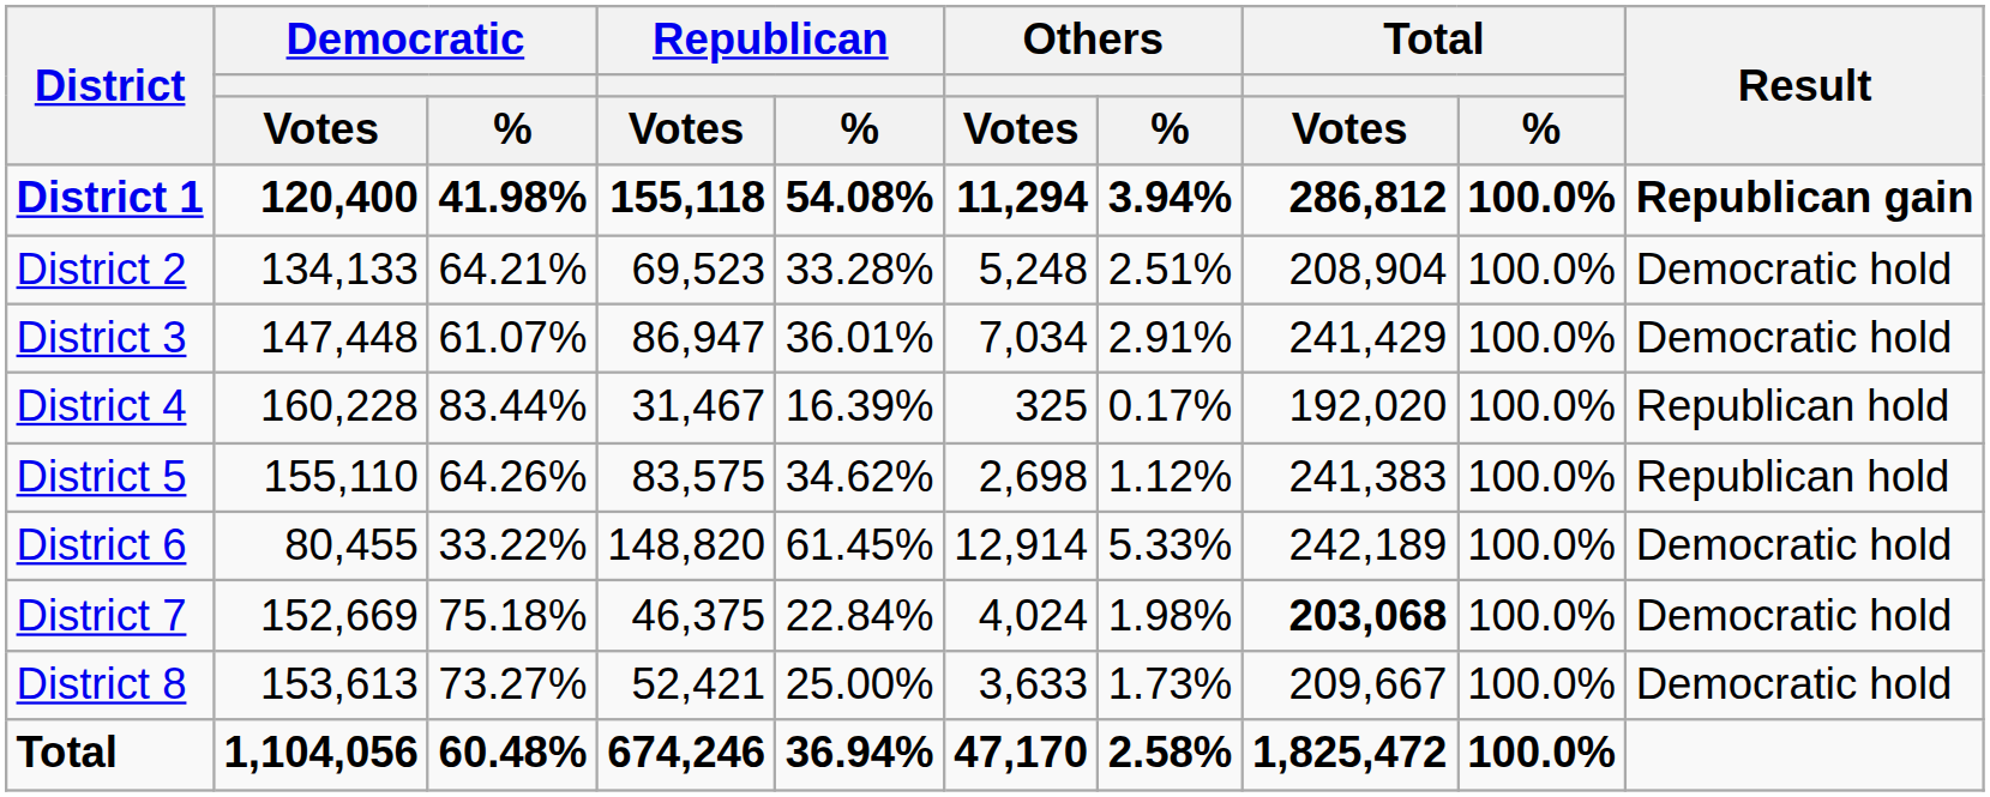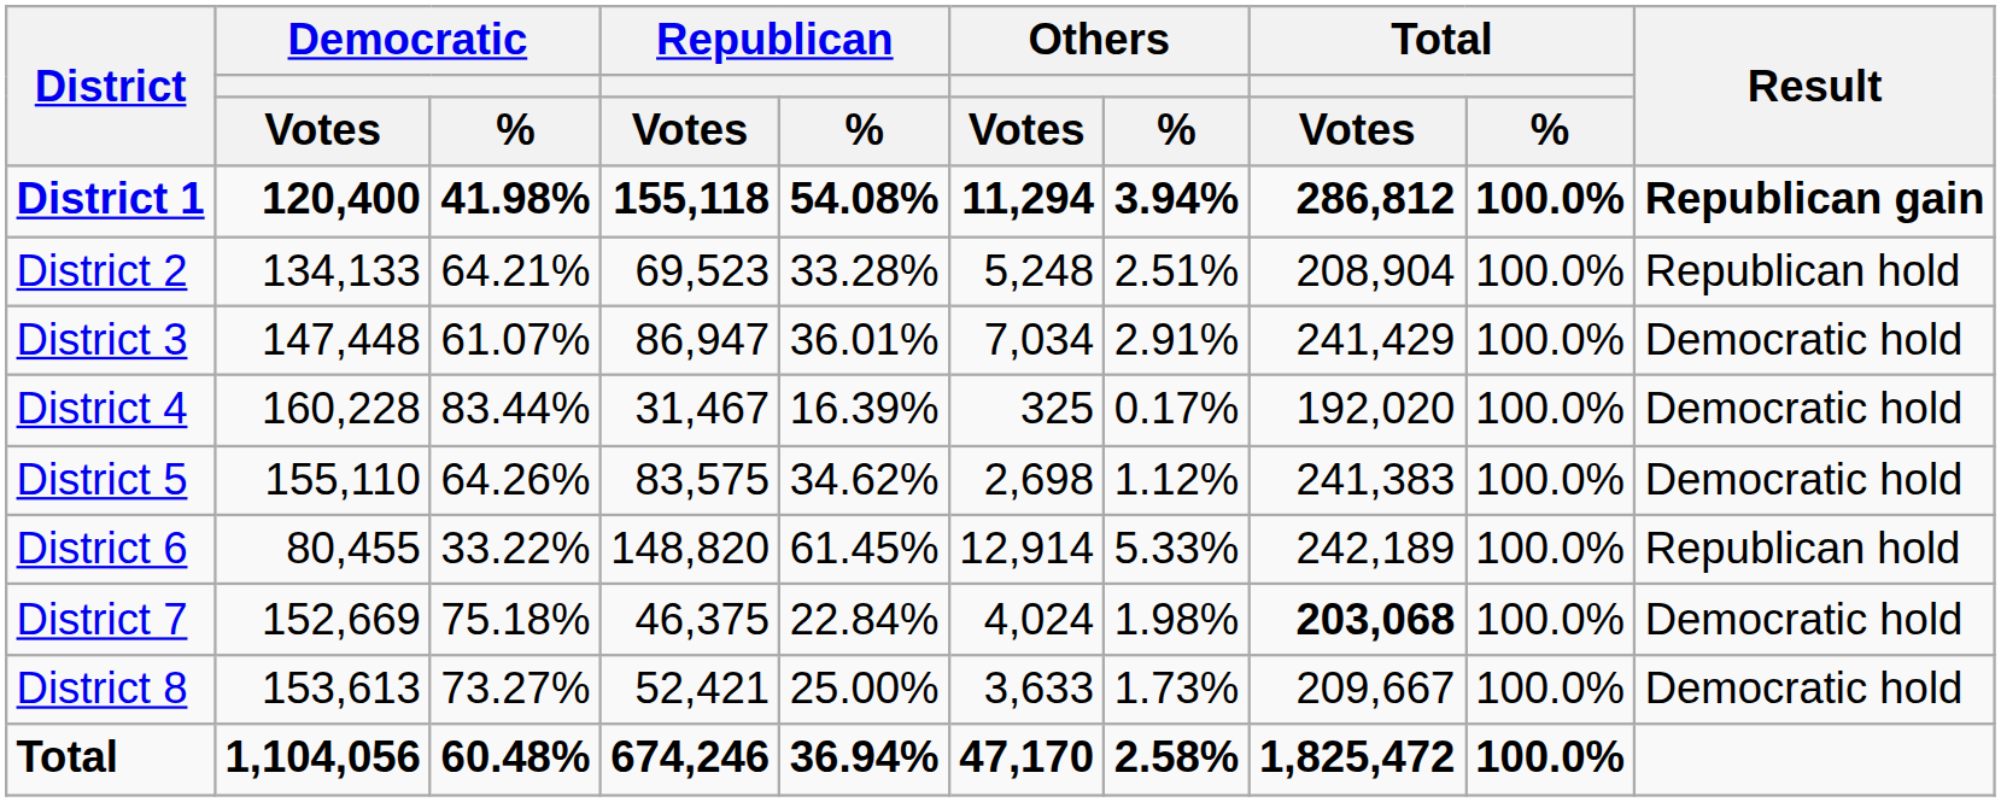 <table class="wikitable plainrowheaders sortable" style="font-size:100%; text-align:right;">
 <tr>
 <th scope=col rowspan=3><a href='#'>District</a></th>
 <th scope=col colspan=2><a href='#'>Democratic</a></th>
 <th scope=col colspan=2><a href='#'>Republican</a></th>
 <th scope=col colspan=2>Others</th>
 <th scope=col colspan=2>Total</th>
 <th scope=col rowspan=3>Result</th>
 </tr>
 <tr>
 <th scope=col colspan=2 style="background:"></th>
 <th scope=col colspan=2 style="background:"></th>
 <th scope=col colspan=2></th>
 <th scope=col colspan=2></th>
 </tr>
 <tr>
 <th scope=col data-sort-type="number">Votes</th>
 <th scope=col data-sort-type="number">%</th>
 <th scope=col data-sort-type="number">Votes</th>
 <th scope=col data-sort-type="number">%</th>
 <th scope=col data-sort-type="number">Votes</th>
 <th scope=col data-sort-type="number">%</th>
 <th scope=col data-sort-type="number">Votes</th>
 <th scope=col data-sort-type="number">%</th>
 </tr>
 <tr>
 <td align=left><strong><a href='#'>District 1</a></strong></td>
 <td><strong>120,400</strong></td>
 <td><strong>41.98%</strong></td>
 <td><strong>155,118</strong></td>
 <td><strong>54.08%</strong></td>
 <td><strong>11,294</strong></td>
 <td><strong>3.94%</strong></td>
 <td><strong>286,812</strong></td>
 <td><strong>100.0%</strong></td>
 <td align=left><strong>Republican gain</strong></td>
 </tr>
 <tr>
 <td align=left><a href='#'>District 2</a></td>
 <td>134,133</td>
 <td>64.21%</td>
 <td>69,523</td>
 <td>33.28%</td>
 <td>5,248</td>
 <td>2.51%</td>
 <td>208,904</td>
 <td>100.0%</td>
-<td align=left>Democratic hold</td>
+<td align=left>Republican hold</td>
 </tr>
 <tr>
 <td align=left><a href='#'>District 3</a></td>
 <td>147,448</td>
 <td>61.07%</td>
 <td>86,947</td>
 <td>36.01%</td>
 <td>7,034</td>
 <td>2.91%</td>
 <td>241,429</td>
 <td>100.0%</td>
 <td align=left>Democratic hold</td>
 </tr>
 <tr>
 <td align=left><a href='#'>District 4</a></td>
 <td>160,228</td>
 <td>83.44%</td>
 <td>31,467</td>
 <td>16.39%</td>
 <td>325</td>
 <td>0.17%</td>
 <td>192,020</td>
 <td>100.0%</td>
-<td align=left>Republican hold</td>
+<td align=left>Democratic hold</td>
 </tr>
 <tr>
 <td align=left><a href='#'>District 5</a></td>
 <td>155,110</td>
 <td>64.26%</td>
 <td>83,575</td>
 <td>34.62%</td>
 <td>2,698</td>
 <td>1.12%</td>
 <td>241,383</td>
 <td>100.0%</td>
-<td align=left>Republican hold</td>
+<td align=left>Democratic hold</td>
 </tr>
 <tr>
 <td align=left><a href='#'>District 6</a></td>
 <td>80,455</td>
 <td>33.22%</td>
 <td>148,820</td>
 <td>61.45%</td>
 <td>12,914</td>
 <td>5.33%</td>
 <td>242,189</td>
 <td>100.0%</td>
-<td align=left>Democratic hold</td>
+<td align=left>Republican hold</td>
 </tr>
 <tr>
 <td align=left><a href='#'>District 7</a></td>
 <td>152,669</td>
 <td>75.18%</td>
 <td>46,375</td>
 <td>22.84%</td>
 <td>4,024</td>
 <td>1.98%</td>
 <td><strong>203,068</strong></td>
 <td>100.0%</td>
 <td align=left>Democratic hold</td>
 </tr>
 <tr>
 <td align=left><a href='#'>District 8</a></td>
 <td>153,613</td>
 <td>73.27%</td>
 <td>52,421</td>
 <td>25.00%</td>
 <td>3,633</td>
 <td>1.73%</td>
 <td>209,667</td>
 <td>100.0%</td>
 <td align=left>Democratic hold</td>
 </tr>
 <tr class="sortbottom" style="font-weight:bold">
 <td align=left>Total</td>
 <td>1,104,056</td>
 <td>60.48%</td>
 <td>674,246</td>
 <td>36.94%</td>
 <td>47,170</td>
 <td>2.58%</td>
 <td>1,825,472</td>
 <td>100.0%</td>
 <td></td>
 </tr>
 </table>
